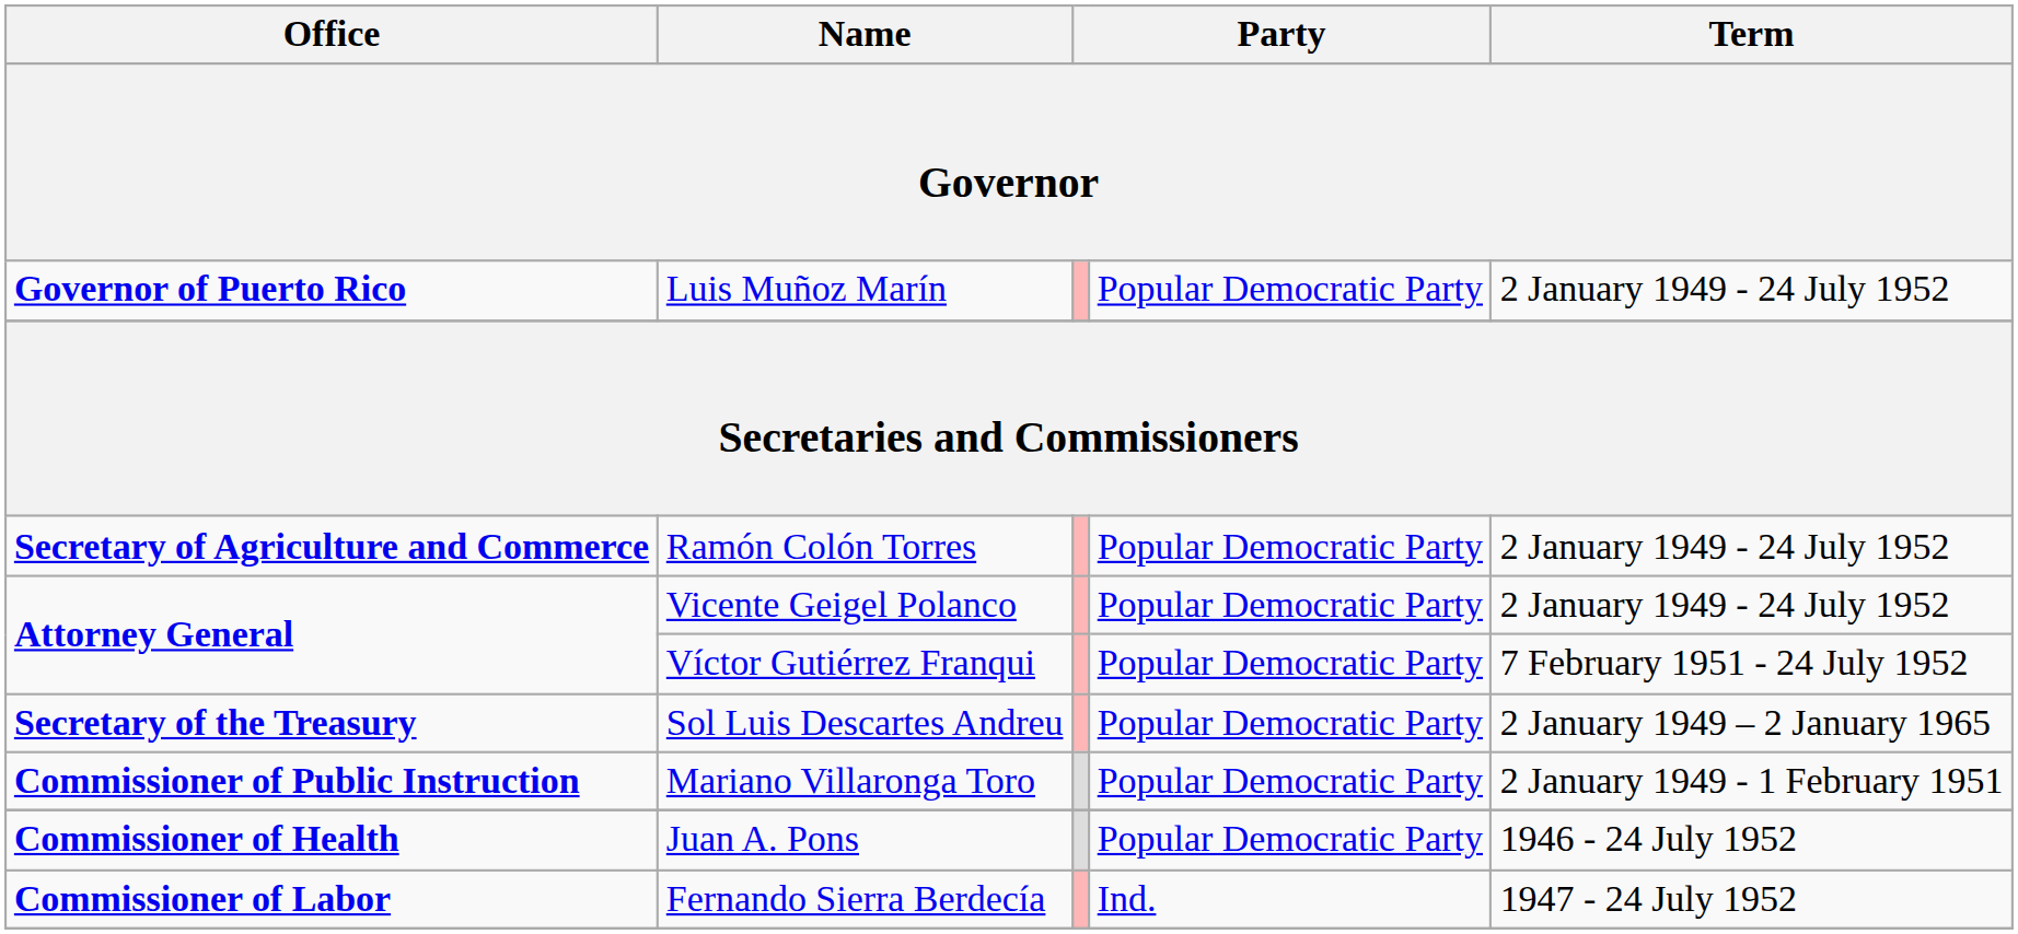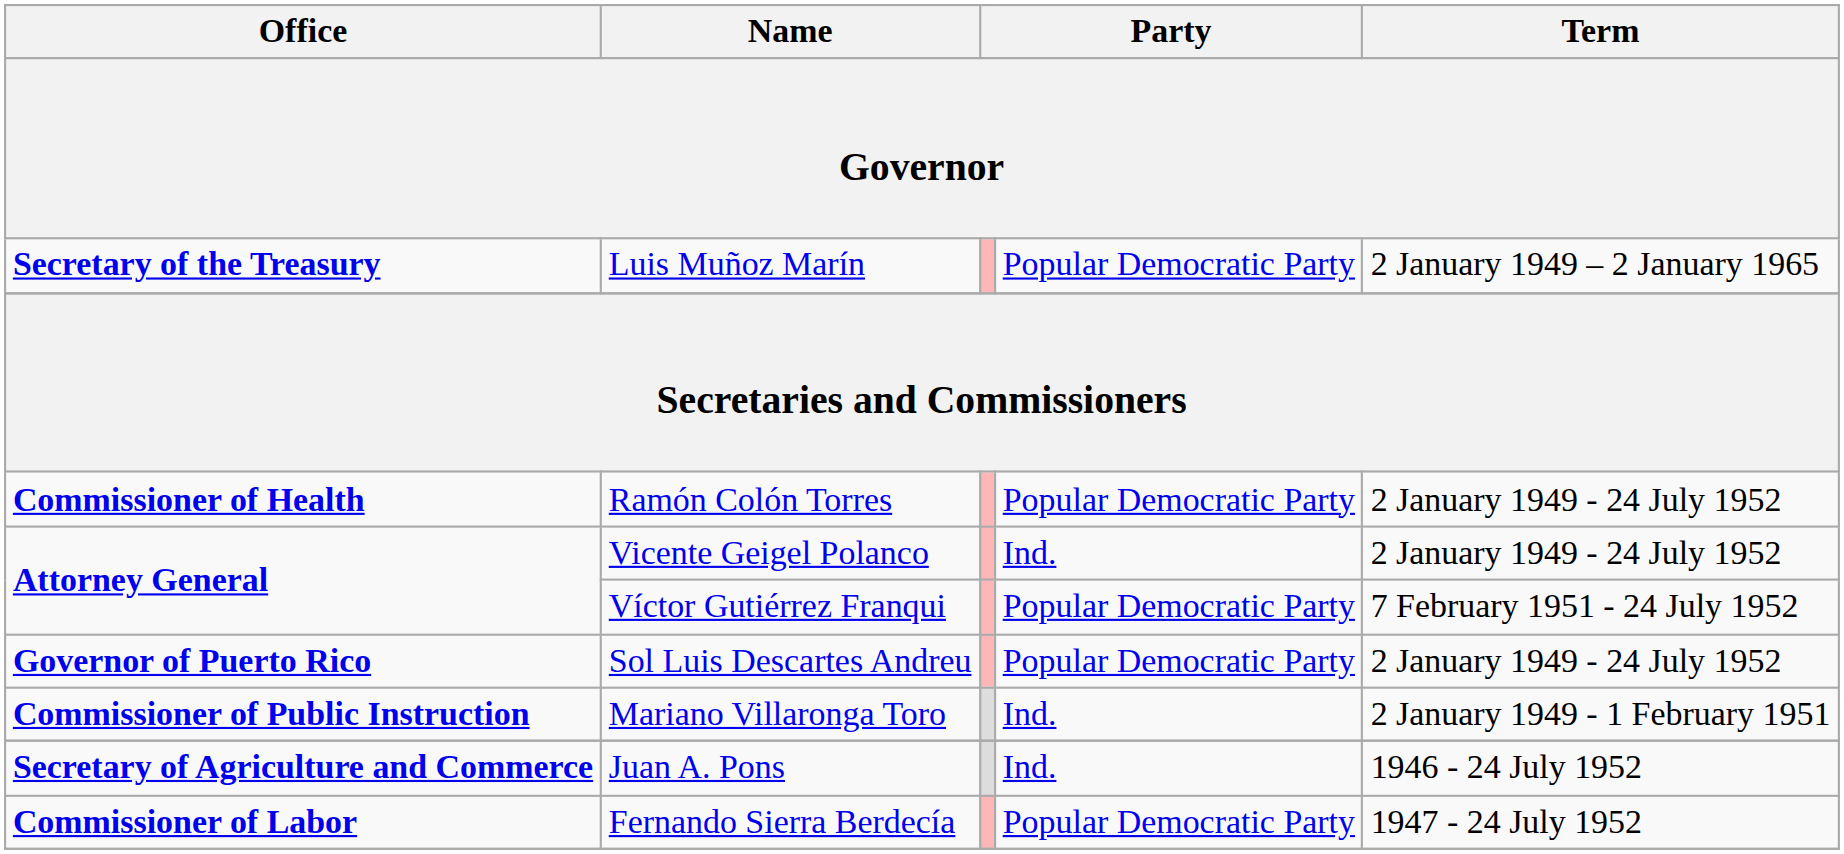 <table class="wikitable">
 <tr>
 <th>Office</th>
 <th>Name</th>
 <th colspan="2">Party</th>
 <th>Term</th>
 </tr>
 <tr>
 </tr>
 <tr>
 <th colspan="9"><br><h3>Governor</h3></th>
 </tr>
 <tr>
-<td rowspan="1"><strong><a href='#'>Governor of Puerto Rico</a></strong><br></td>
+<td><strong><a href='#'>Secretary of the Treasury</a></strong><br></td>
 <td><a href='#'>Luis Muñoz Marín</a></td>
 <td style="background-color:#FFB6B6"></td>
 <td><a href='#'>Popular Democratic Party</a></td>
-<td>2 January 1949 - 24 July 1952</td>
+<td>2 January 1949 – 2 January 1965</td>
 </tr>
 <tr>
 </tr>
 <tr>
 <th colspan="9"><br><h3>Secretaries and Commissioners</h3></th>
 </tr>
 <tr>
-<td rowspan="1"><strong><a href='#'>Secretary of Agriculture and Commerce</a></strong><br></td>
+<td rowspan="1"><strong><a href='#'>Commissioner of Health</a></strong><br></td>
 <td><a href='#'>Ramón Colón Torres</a></td>
 <td style="background-color:#FFB6B6"></td>
 <td><a href='#'>Popular Democratic Party</a></td>
 <td>2 January 1949 - 24 July 1952</td>
 </tr>
 <tr>
 <td rowspan="2"><strong><a href='#'>Attorney General</a></strong><br></td>
 <td><a href='#'>Vicente Geigel Polanco</a></td>
 <td style="background-color:#FFB6B6"></td>
-<td><a href='#'>Popular Democratic Party</a></td>
+<td><a href='#'>Ind.</a></td>
 <td>2 January  1949 - 24 July 1952</td>
 </tr>
 <tr>
 <td><a href='#'>Víctor Gutiérrez Franqui</a></td>
 <td style="background-color:#FFB6B6"></td>
 <td><a href='#'>Popular Democratic Party</a></td>
 <td>7 February 1951 - 24 July 1952</td>
 </tr>
 <tr>
-<td><strong><a href='#'>Secretary of the Treasury</a></strong><br></td>
+<td rowspan="1"><strong><a href='#'>Governor of Puerto Rico</a></strong><br></td>
 <td><a href='#'>Sol Luis Descartes Andreu</a></td>
 <td style="background-color:#FFB6B6"></td>
 <td><a href='#'>Popular Democratic Party</a></td>
-<td>2 January 1949 – 2 January 1965</td>
+<td>2 January 1949 - 24 July 1952</td>
 </tr>
 <tr>
 <td rowspan="1"><strong><a href='#'>Commissioner of Public Instruction</a></strong><br></td>
 <td><a href='#'>Mariano Villaronga Toro</a></td>
 <td style="background-color:#DDDDDD"></td>
-<td><a href='#'>Popular Democratic Party</a></td>
+<td><a href='#'>Ind.</a></td>
 <td>2 January 1949 - 1 February 1951</td>
 </tr>
 <tr>
 </tr>
 <tr>
-<td rowspan="1"><strong><a href='#'>Commissioner of Health</a></strong><br></td>
+<td rowspan="1"><strong><a href='#'>Secretary of Agriculture and Commerce</a></strong><br></td>
 <td><a href='#'>Juan A. Pons</a></td>
 <td style="background-color:#DDDDDD"></td>
-<td><a href='#'>Popular Democratic Party</a></td>
+<td><a href='#'>Ind.</a></td>
 <td>1946 - 24 July 1952</td>
 </tr>
 <tr>
 <td rowspan="1"><strong><a href='#'>Commissioner of Labor</a></strong><br></td>
 <td><a href='#'>Fernando Sierra Berdecía</a></td>
 <td style="background-color:#FFB6B6"></td>
-<td><a href='#'>Ind.</a></td>
+<td><a href='#'>Popular Democratic Party</a></td>
 <td>1947 - 24 July 1952</td>
 </tr>
 <tr>
 </tr>
 </table>
